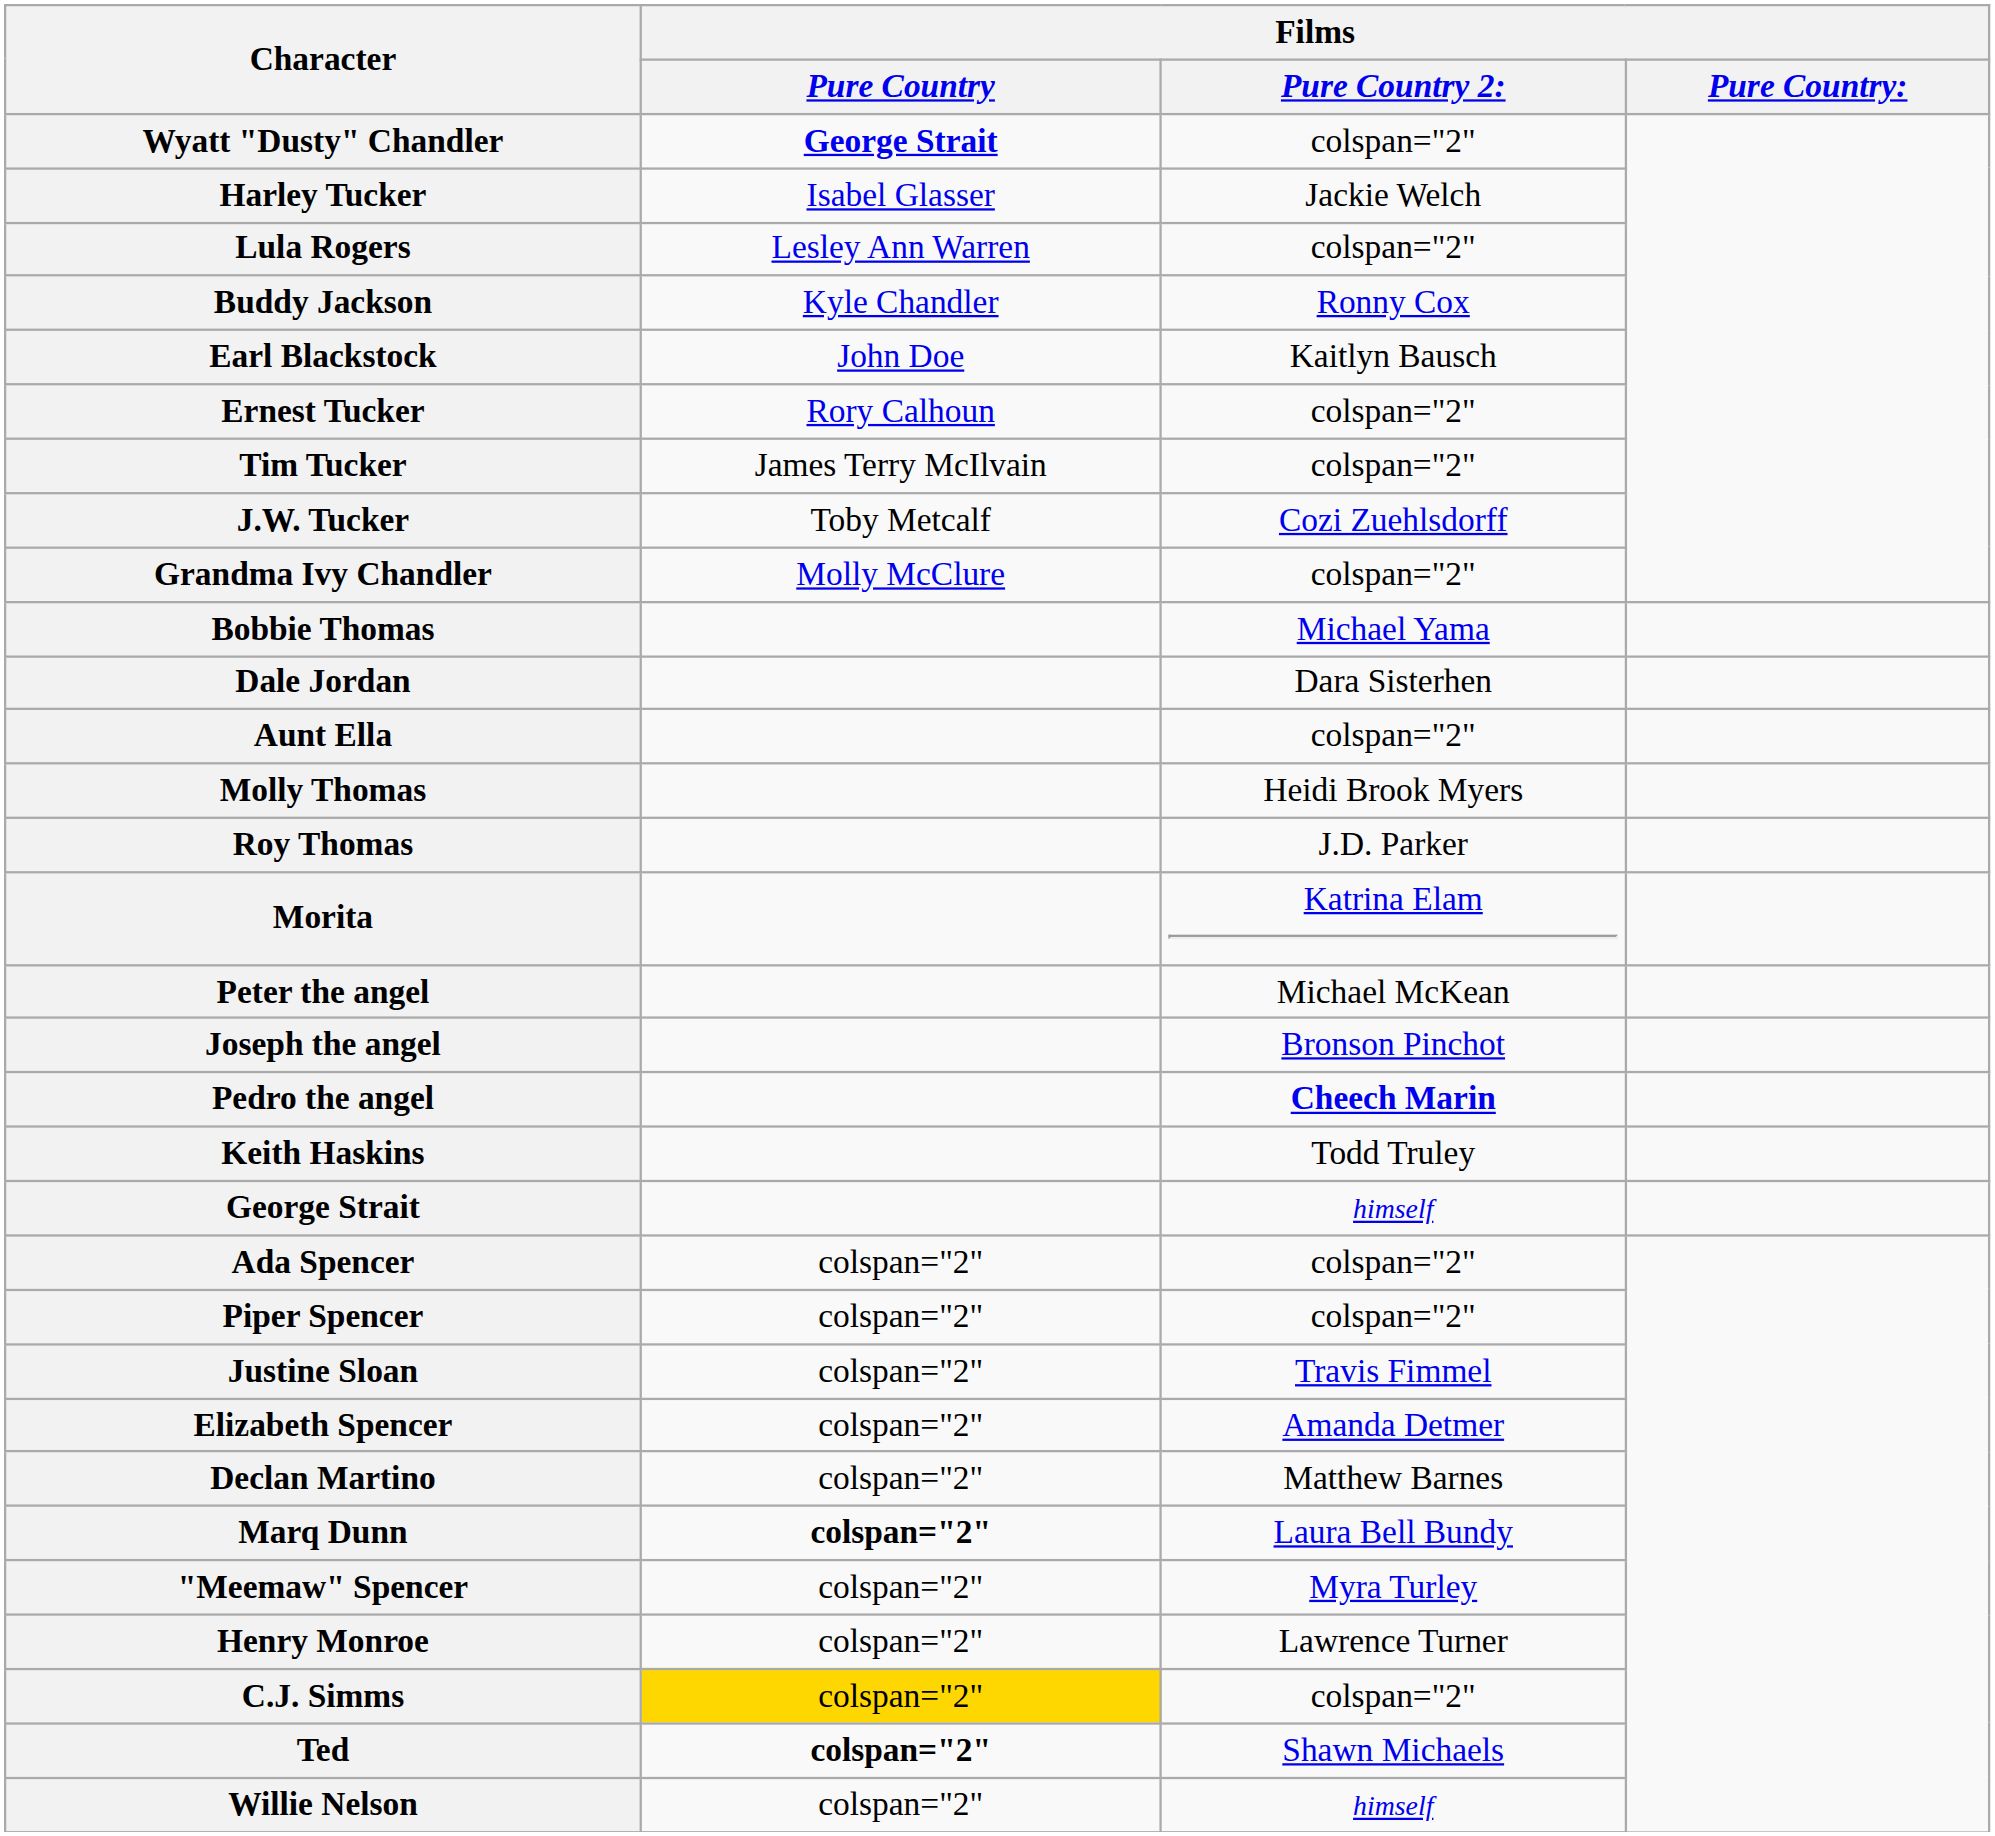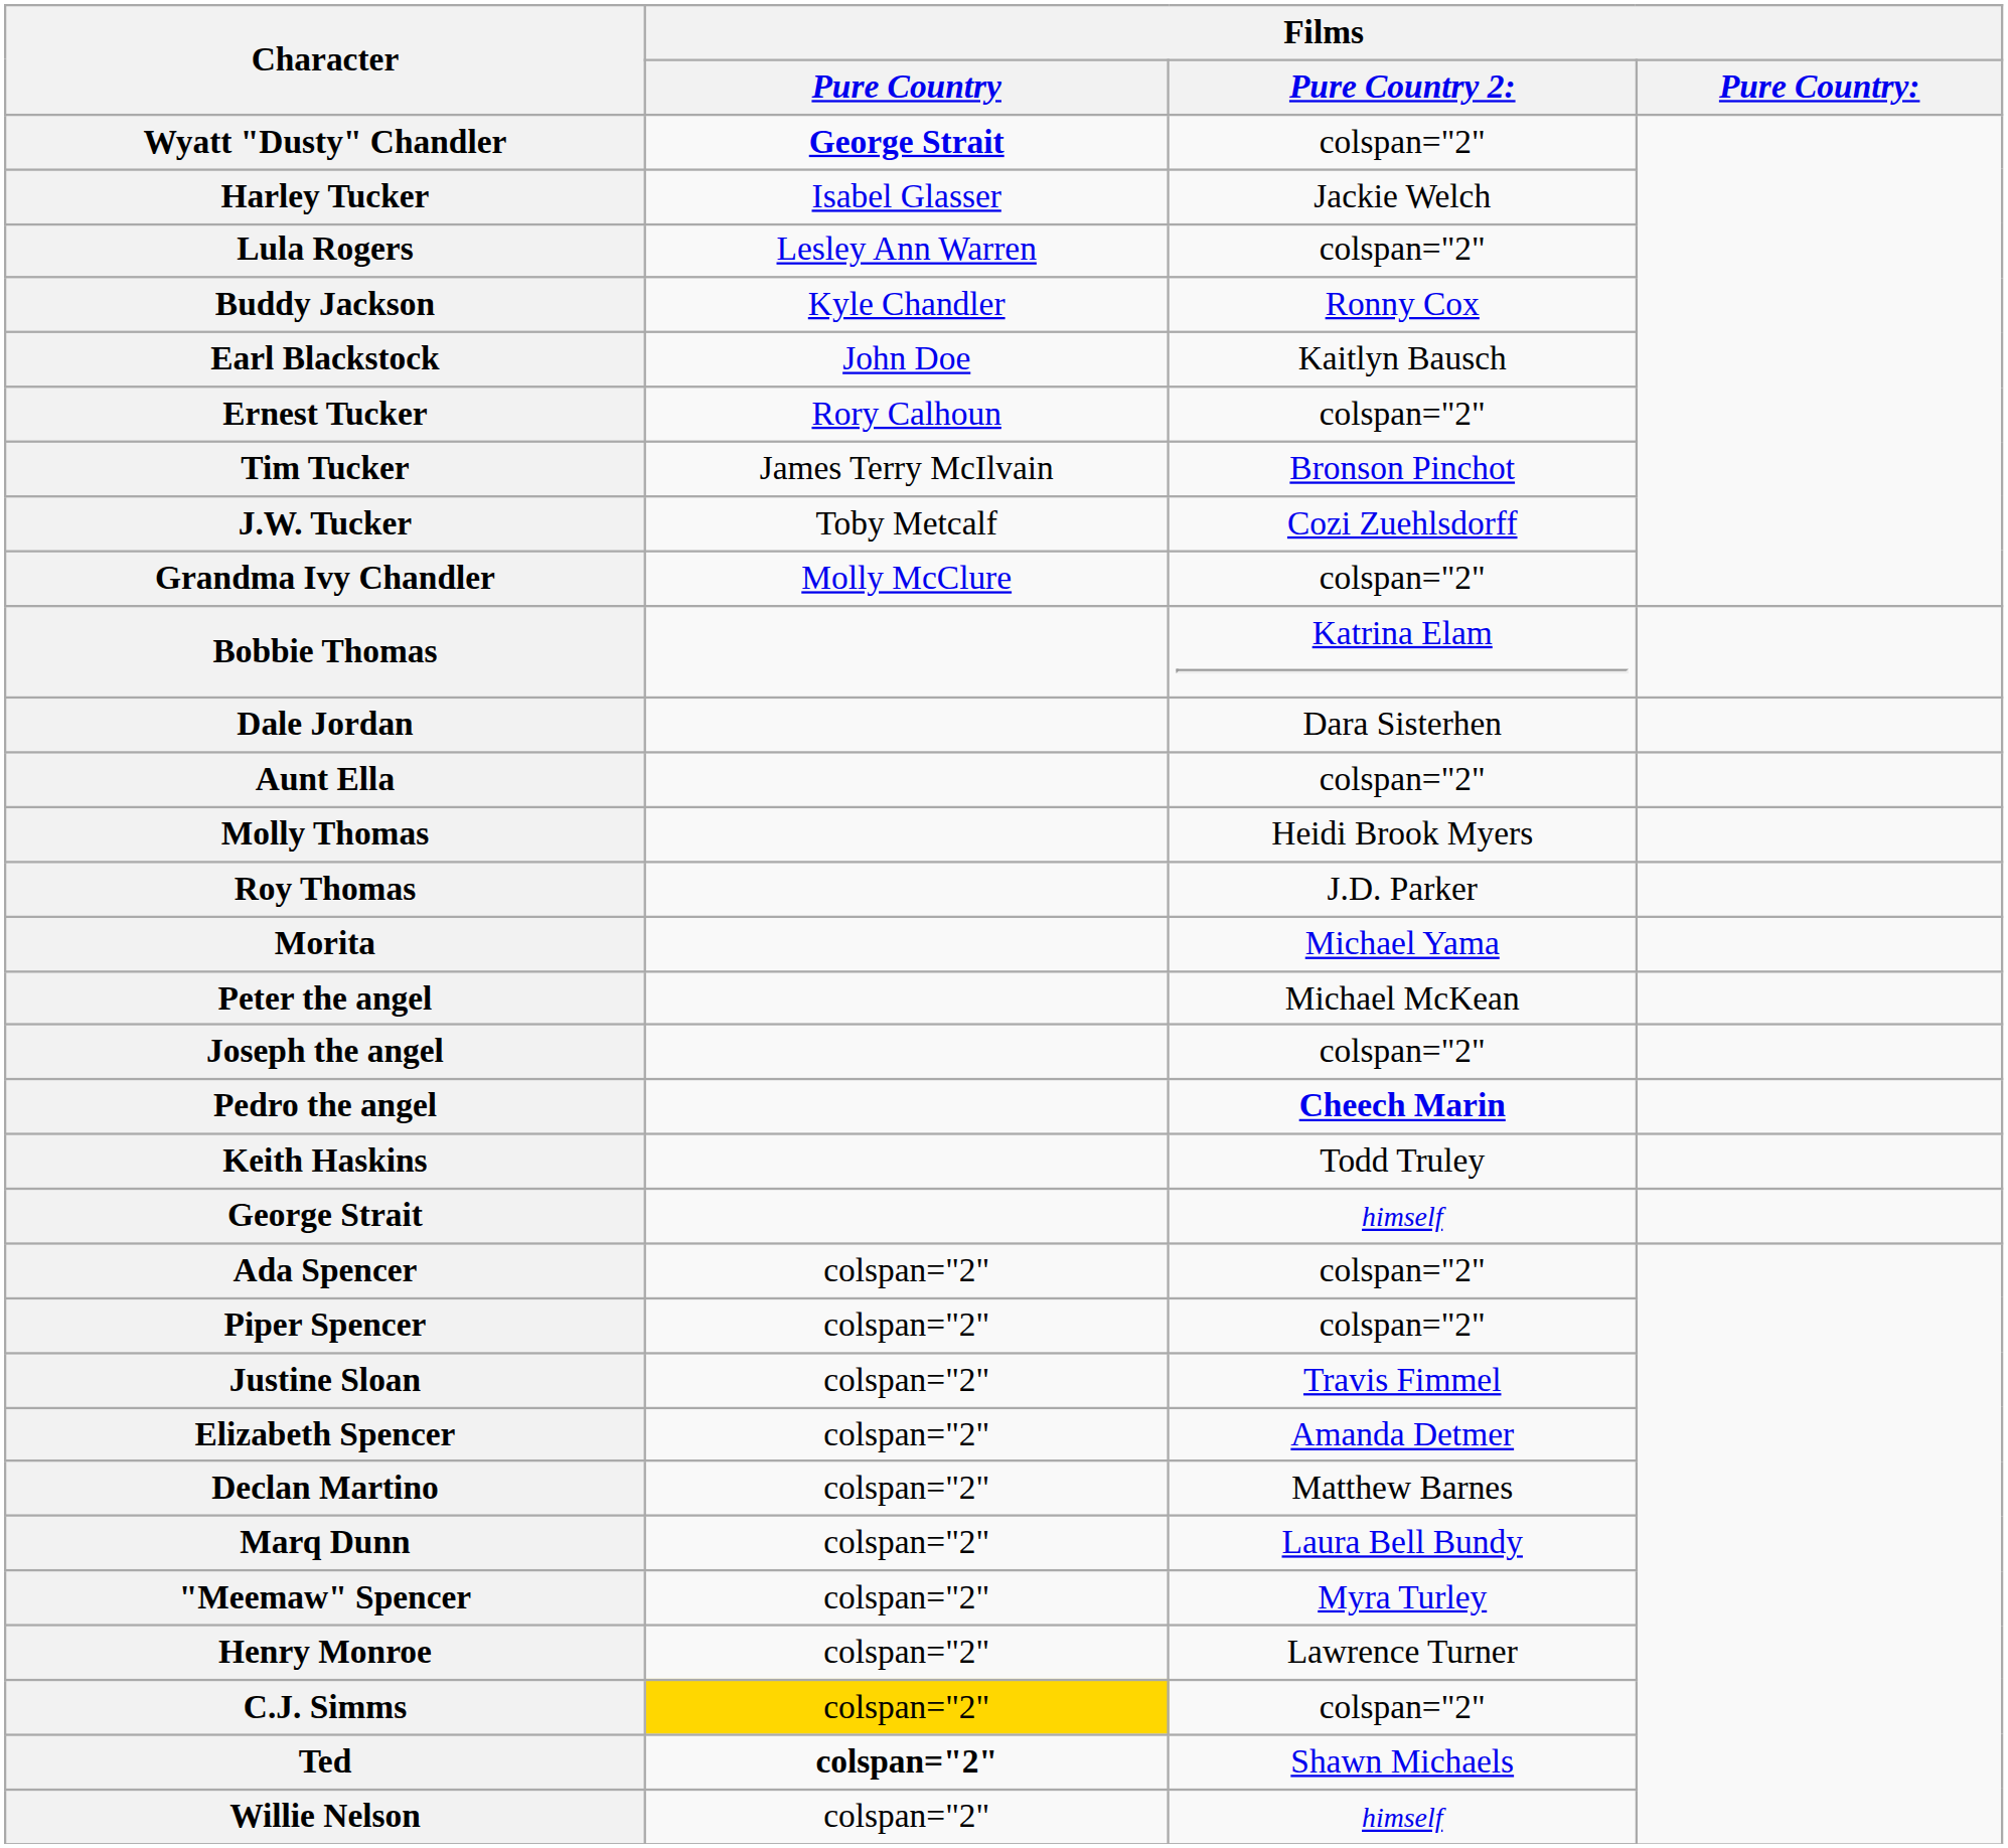 <table class="wikitable" style="text-align:center; width:99%; font-size:92%">
 <tr>
 <th rowspan="2">Character</th>
 <th colspan="4" align="center">Films</th>
 </tr>
 <tr>
 <th align="center"><em><a href='#'>Pure Country</a></em></th>
 <th align="center"><em><a href='#'>Pure Country 2: <br></a></em></th>
 <th align="center"><em><a href='#'>Pure Country: <br></a></em></th>
 </tr>
 <tr>
 <th>Wyatt "Dusty" Chandler</th>
 <td><strong><a href='#'>George Strait</a></strong></td>
 <td>colspan="2" </td>
 </tr>
 <tr>
 <th>Harley Tucker</th>
 <td><a href='#'>Isabel Glasser</a></td>
 <td>Jackie Welch</td>
 </tr>
 <tr>
 <th>Lula Rogers</th>
 <td><a href='#'>Lesley Ann Warren</a></td>
 <td>colspan="2" </td>
 </tr>
 <tr>
 <th>Buddy Jackson</th>
 <td><a href='#'>Kyle Chandler</a></td>
 <td><a href='#'>Ronny Cox</a></td>
 </tr>
 <tr>
 <th>Earl Blackstock</th>
 <td><a href='#'>John Doe</a></td>
 <td>Kaitlyn Bausch</td>
 </tr>
 <tr>
 <th>Ernest Tucker</th>
 <td><a href='#'>Rory Calhoun</a></td>
 <td>colspan="2" </td>
 </tr>
 <tr>
 <th>Tim Tucker</th>
 <td>James Terry McIlvain</td>
-<td>colspan="2" </td>
+<td><a href='#'>Bronson Pinchot</a></td>
 </tr>
 <tr>
 <th>J.W. Tucker</th>
 <td>Toby Metcalf</td>
 <td><a href='#'>Cozi Zuehlsdorff</a></td>
 </tr>
 <tr>
 <th>Grandma Ivy Chandler</th>
 <td><a href='#'>Molly McClure</a></td>
 <td>colspan="2" </td>
 </tr>
 <tr>
 <th>Bobbie Thomas</th>
 <td></td>
-<td><a href='#'>Michael Yama</a></td>
+<td><a href='#'>Katrina Elam</a> <hr></td>
 <td></td>
 </tr>
 <tr>
 <th>Dale Jordan</th>
 <td></td>
 <td>Dara Sisterhen</td>
 <td></td>
 </tr>
 <tr>
 <th>Aunt Ella</th>
 <td></td>
 <td>colspan="2" </td>
 <td></td>
 </tr>
 <tr>
 <th>Molly Thomas</th>
 <td></td>
 <td>Heidi Brook Myers</td>
 <td></td>
 </tr>
 <tr>
 <th>Roy Thomas</th>
 <td></td>
 <td>J.D. Parker</td>
 <td></td>
 </tr>
 <tr>
 <th>Morita</th>
 <td></td>
-<td><a href='#'>Katrina Elam</a> <hr></td>
+<td><a href='#'>Michael Yama</a></td>
 <td></td>
 </tr>
 <tr>
 <th>Peter the angel</th>
 <td></td>
 <td>Michael McKean</td>
 <td></td>
 </tr>
 <tr>
 <th>Joseph the angel</th>
 <td></td>
-<td><a href='#'>Bronson Pinchot</a></td>
+<td>colspan="2" </td>
 <td></td>
 </tr>
 <tr>
 <th>Pedro the angel</th>
 <td></td>
 <td><strong><a href='#'>Cheech Marin</a></strong></td>
 <td></td>
 </tr>
 <tr>
 <th>Keith Haskins</th>
 <td></td>
 <td>Todd Truley</td>
 <td></td>
 </tr>
 <tr>
 <th>George Strait</th>
 <td></td>
 <td><a href='#'><small><em>himself</em></small></a></td>
 <td></td>
 </tr>
 <tr>
 <th>Ada Spencer</th>
 <td>colspan="2" </td>
 <td>colspan="2" </td>
 </tr>
 <tr>
 <th>Piper Spencer</th>
 <td>colspan="2" </td>
 <td>colspan="2" </td>
 </tr>
 <tr>
 <th>Justine Sloan</th>
 <td>colspan="2" </td>
 <td><a href='#'>Travis Fimmel</a></td>
 </tr>
 <tr>
 <th>Elizabeth Spencer</th>
 <td>colspan="2" </td>
 <td><a href='#'>Amanda Detmer</a></td>
 </tr>
 <tr>
 <th>Declan Martino</th>
 <td>colspan="2" </td>
 <td>Matthew Barnes</td>
 </tr>
 <tr>
 <th>Marq Dunn</th>
-<td><strong>colspan="2" </strong></td>
+<td>colspan="2" </td>
 <td><a href='#'>Laura Bell Bundy</a></td>
 </tr>
 <tr>
 <th>"Meemaw" Spencer</th>
 <td>colspan="2" </td>
 <td><a href='#'>Myra Turley</a></td>
 </tr>
 <tr>
 <th>Henry Monroe</th>
 <td>colspan="2" </td>
 <td>Lawrence Turner</td>
 </tr>
 <tr>
 <th>C.J. Simms</th>
 <td style="background: gold;">colspan="2" </td>
 <td>colspan="2" </td>
 </tr>
 <tr>
 <th>Ted</th>
 <td><strong>colspan="2" </strong></td>
 <td><a href='#'>Shawn Michaels</a></td>
 </tr>
 <tr>
 <th>Willie Nelson</th>
 <td>colspan="2" </td>
 <td><a href='#'><small><em>himself</em></small></a></td>
 </tr>
 <tr>
 </tr>
 </table>
